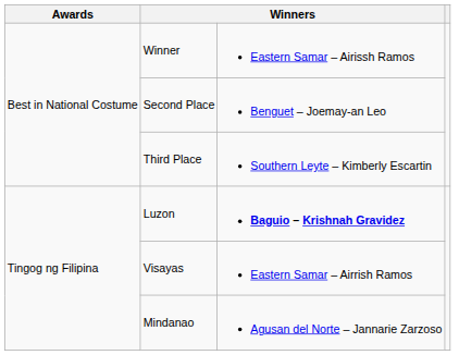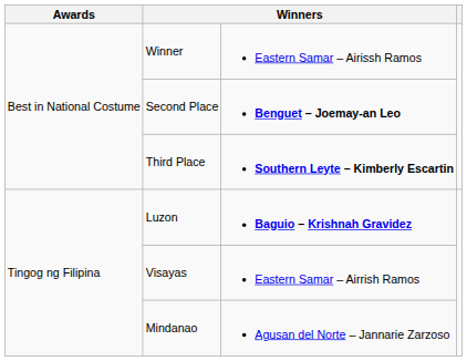 <table class="wikitable sortable" style="font-size: 95%;">
 <tr>
 <th>Awards</th>
 <th colspan="2">Winners</th>
 <th></th>
 </tr>
 <tr>
 <td rowspan="3">Best in National Costume</td>
 <td>Winner</td>
 <td><br><ul><li><a href='#'>Eastern Samar</a> – Airissh Ramos</li></ul></td>
 <td rowspan="3"></td>
 </tr>
 <tr>
 <td>Second Place</td>
-<td><br><ul><li><a href='#'>Benguet</a> – Joemay-an Leo</li></ul></td>
+<td><strong><br><ul><li><a href='#'>Benguet</a> – Joemay-an Leo</li></ul></strong></td>
 </tr>
 <tr>
 <td>Third Place</td>
-<td><br><ul><li><a href='#'>Southern Leyte</a> – Kimberly Escartin</li></ul></td>
+<td><strong><br><ul><li><a href='#'>Southern Leyte</a> – Kimberly Escartin</li></ul></strong></td>
 </tr>
 <tr>
 <td rowspan="3">Tingog ng Filipina</td>
 <td>Luzon</td>
 <td><strong><br><ul><li><a href='#'>Baguio</a> – <a href='#'>Krishnah Gravidez</a></li></ul></strong></td>
 <td rowspan="3"></td>
 </tr>
 <tr>
 <td>Visayas</td>
 <td><br><ul><li><a href='#'>Eastern Samar</a> – Airrish Ramos</li></ul></td>
 </tr>
 <tr>
 <td>Mindanao</td>
 <td><br><ul><li><a href='#'>Agusan del Norte</a> – Jannarie Zarzoso</li></ul></td>
 </tr>
 </table>
